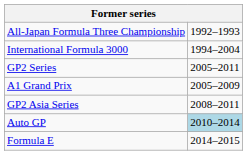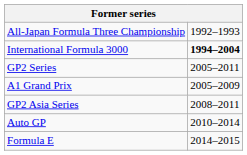 <table class="wikitable" border="1" style="font-size:85%;">
 <tr>
 <th colspan=2>Former series</th>
 </tr>
 <tr>
 <td><a href='#'>All-Japan Formula Three Championship</a></td>
 <td>1992–1993</td>
 </tr>
 <tr>
 <td><a href='#'>International Formula 3000</a></td>
-<td>1994–2004</td>
+<td><strong>1994–2004</strong></td>
 </tr>
 <tr>
 <td><a href='#'>GP2 Series</a></td>
 <td>2005–2011</td>
 </tr>
 <tr>
 <td><a href='#'>A1 Grand Prix</a></td>
 <td>2005–2009</td>
 </tr>
 <tr>
 <td><a href='#'>GP2 Asia Series</a></td>
 <td>2008–2011</td>
 </tr>
 <tr>
 <td><a href='#'>Auto GP</a></td>
-<td style="background: lightblue;">2010–2014</td>
+<td>2010–2014</td>
 </tr>
 <tr>
 <td><a href='#'>Formula E</a></td>
 <td>2014–2015</td>
 </tr>
 </table>
